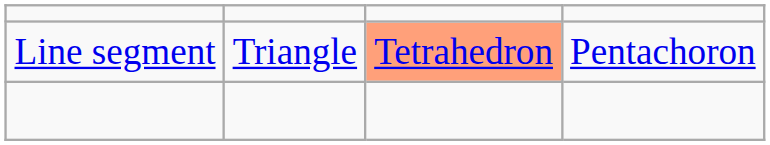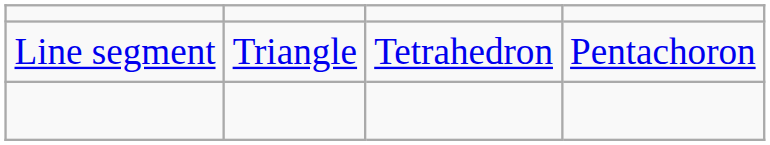 <table class="wikitable" align="right" style="border-width:30%;">
 <tr>
 <td align=center></td>
 <td align=center></td>
 <td align=center></td>
 <td align=center></td>
 </tr>
 <tr>
 <td><a href='#'>Line segment</a></td>
 <td><a href='#'>Triangle</a></td>
-<td style="background: lightsalmon;"><a href='#'>Tetrahedron</a></td>
+<td><a href='#'>Tetrahedron</a></td>
 <td><a href='#'>Pentachoron</a></td>
 </tr>
 <tr>
 <td> </td>
 <td></td>
 <td></td>
 <td></td>
 </tr>
 </table>
